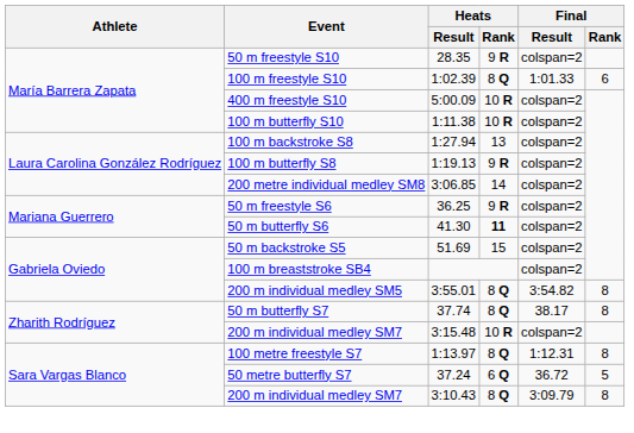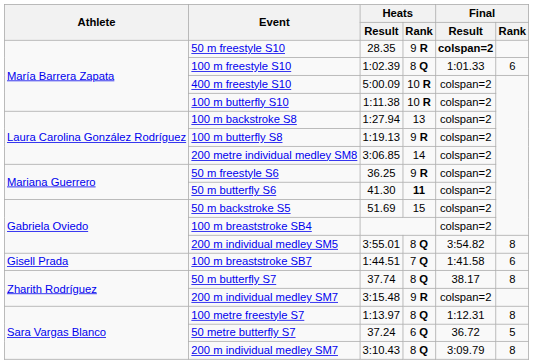 <table class=wikitable style="font-size:90%">
 <tr>
 <th rowspan="2">Athlete</th>
 <th rowspan="2">Event</th>
 <th colspan="2">Heats</th>
 <th colspan="2">Final</th>
 </tr>
 <tr>
 <th>Result</th>
 <th>Rank</th>
 <th>Result</th>
 <th>Rank</th>
 </tr>
 <tr style="text-align:center">
 <td style="text-align:left" rowspan=4><a href='#'>María Barrera Zapata</a></td>
 <td style="text-align:left"><a href='#'>50 m freestyle S10</a></td>
 <td>28.35</td>
 <td>9 <strong>R</strong></td>
-<td>colspan=2 </td>
+<td><strong>colspan=2 </strong></td>
 </tr>
 <tr style="text-align:center">
 <td style="text-align:left"><a href='#'>100 m freestyle S10</a></td>
 <td>1:02.39</td>
 <td>8 <strong>Q</strong></td>
 <td>1:01.33</td>
 <td>6</td>
 </tr>
 <tr style="text-align:center">
 <td style="text-align:left"><a href='#'>400 m freestyle S10</a></td>
 <td>5:00.09</td>
 <td>10 <strong>R</strong></td>
 <td>colspan=2 </td>
 </tr>
 <tr style="text-align:center">
 <td style="text-align:left"><a href='#'>100 m butterfly S10</a></td>
 <td>1:11.38</td>
 <td>10 <strong>R</strong></td>
 <td>colspan=2 </td>
 </tr>
 <tr style="text-align:center">
 <td style="text-align:left" rowspan=3><a href='#'>Laura Carolina González Rodríguez</a></td>
 <td style="text-align:left"><a href='#'>100 m backstroke S8</a></td>
 <td>1:27.94</td>
 <td>13</td>
 <td>colspan=2 </td>
 </tr>
 <tr style="text-align:center">
 <td style="text-align:left"><a href='#'>100 m butterfly S8</a></td>
 <td>1:19.13</td>
 <td>9 <strong>R</strong></td>
 <td>colspan=2 </td>
 </tr>
 <tr style="text-align:center">
 <td style="text-align:left"><a href='#'>200 metre individual medley SM8</a></td>
 <td>3:06.85</td>
 <td>14</td>
 <td>colspan=2 </td>
 </tr>
 <tr style="text-align:center">
 <td style="text-align:left" rowspan=2><a href='#'>Mariana Guerrero</a></td>
 <td style="text-align:left"><a href='#'>50 m freestyle S6</a></td>
 <td>36.25</td>
 <td>9 <strong>R</strong></td>
 <td>colspan=2 </td>
 </tr>
 <tr style="text-align:center">
 <td style="text-align:left"><a href='#'>50 m butterfly S6</a></td>
 <td>41.30</td>
 <td><strong>11</strong></td>
 <td>colspan=2 </td>
 </tr>
 <tr style="text-align:center">
 <td style="text-align:left" rowspan=3><a href='#'>Gabriela Oviedo</a></td>
 <td style="text-align:left"><a href='#'>50 m backstroke S5</a></td>
 <td>51.69</td>
 <td>15</td>
 <td>colspan=2 </td>
 </tr>
 <tr style="text-align:center">
 <td style="text-align:left"><a href='#'>100 m breaststroke SB4</a></td>
 <td colspan=2><strong></strong></td>
 <td>colspan=2 </td>
 </tr>
 <tr style="text-align:center">
 <td style="text-align:left"><a href='#'>200 m individual medley SM5</a></td>
 <td>3:55.01</td>
 <td>8 <strong>Q</strong></td>
 <td>3:54.82</td>
 <td>8</td>
 </tr>
 <tr style="text-align:center">
+<td style="text-align:left"><a href='#'>Gisell Prada</a></td>
+<td style="text-align:left"><a href='#'>100 m breaststroke SB7</a></td>
+<td>1:44.51</td>
+<td>7 <strong>Q</strong></td>
+<td>1:41.58</td>
+<td>6</td>
+</tr>
+<tr style="text-align:center">
 <td style="text-align:left" rowspan=2><a href='#'>Zharith Rodríguez</a></td>
 <td style="text-align:left"><a href='#'>50 m butterfly S7</a></td>
 <td>37.74</td>
 <td>8 <strong>Q</strong></td>
 <td>38.17</td>
 <td>8</td>
 </tr>
 <tr style="text-align:center">
 <td style="text-align:left"><a href='#'>200 m individual medley SM7</a></td>
 <td>3:15.48</td>
-<td>10 <strong>R</strong></td>
+<td>9 <strong>R</strong></td>
 <td>colspan=2 </td>
 </tr>
 <tr style="text-align:center">
 <td style="text-align:left" rowspan=3><a href='#'>Sara Vargas Blanco</a></td>
 <td style="text-align:left"><a href='#'>100 metre freestyle S7</a></td>
 <td>1:13.97</td>
 <td>8 <strong>Q</strong></td>
 <td>1:12.31</td>
 <td>8</td>
 </tr>
 <tr style="text-align:center">
 <td style="text-align:left"><a href='#'>50 metre butterfly S7</a></td>
 <td>37.24</td>
 <td>6 <strong>Q</strong></td>
 <td>36.72</td>
 <td>5</td>
 </tr>
 <tr style="text-align:center">
 <td style="text-align:left"><a href='#'>200 m individual medley SM7</a></td>
 <td>3:10.43</td>
 <td>8 <strong>Q</strong></td>
 <td>3:09.79</td>
 <td>8</td>
 </tr>
 </table>
